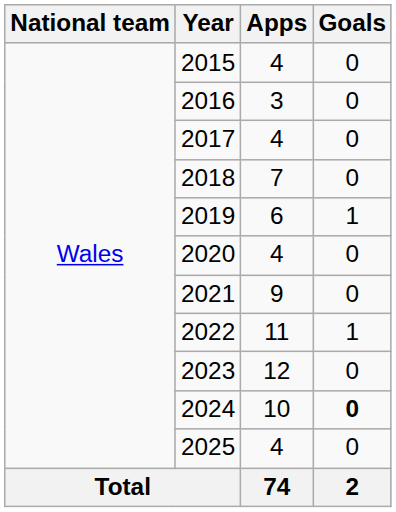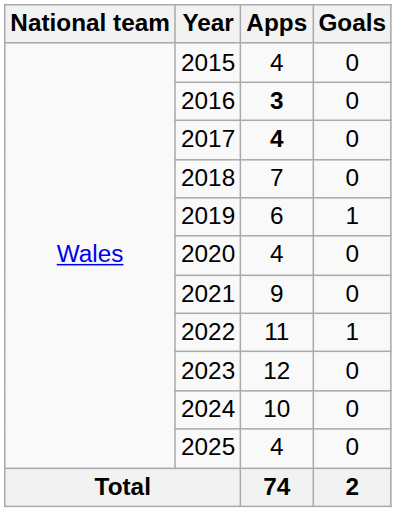 <table class="wikitable" style="text-align:center">
 <tr>
 <th>National team</th>
 <th>Year</th>
 <th>Apps</th>
 <th>Goals</th>
 </tr>
 <tr>
 <td rowspan="11"><a href='#'>Wales</a></td>
 <td>2015</td>
 <td>4</td>
 <td>0</td>
 </tr>
 <tr>
 <td>2016</td>
-<td>3</td>
+<td><strong>3</strong></td>
 <td>0</td>
 </tr>
 <tr>
 <td>2017</td>
-<td>4</td>
+<td><strong>4</strong></td>
 <td>0</td>
 </tr>
 <tr>
 <td>2018</td>
 <td>7</td>
 <td>0</td>
 </tr>
 <tr>
 <td>2019</td>
 <td>6</td>
 <td>1</td>
 </tr>
 <tr>
 <td>2020</td>
 <td>4</td>
 <td>0</td>
 </tr>
 <tr>
 <td>2021</td>
 <td>9</td>
 <td>0</td>
 </tr>
 <tr>
 <td>2022</td>
 <td>11</td>
 <td>1</td>
 </tr>
 <tr>
 <td>2023</td>
 <td>12</td>
 <td>0</td>
 </tr>
 <tr>
 <td>2024</td>
 <td>10</td>
-<td><strong>0</strong></td>
+<td>0</td>
 </tr>
 <tr>
 <td>2025</td>
 <td>4</td>
 <td>0</td>
 </tr>
 <tr>
 <th colspan="2">Total</th>
 <th>74</th>
 <th>2</th>
 </tr>
 </table>
